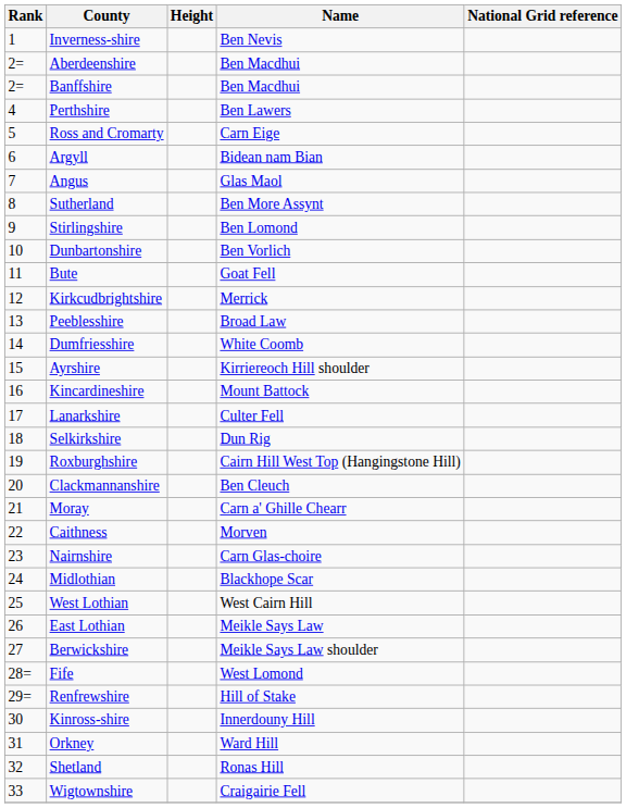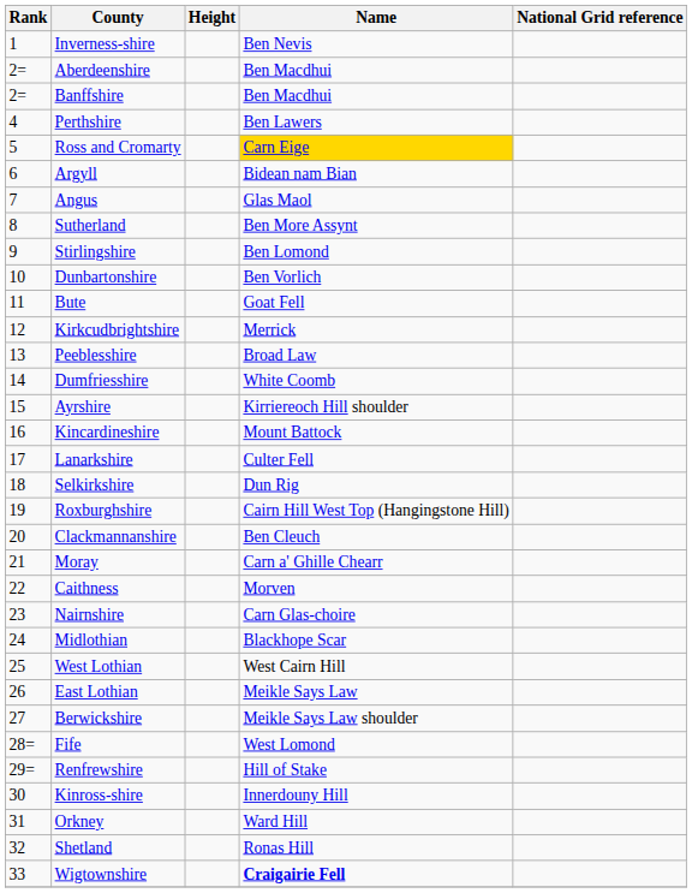 <table class="wikitable sortable">
 <tr>
 <th data-sort-type="number">Rank</th>
 <th>County</th>
 <th data-sort-type="number">Height</th>
 <th>Name</th>
 <th>National Grid reference</th>
 </tr>
 <tr>
 <td>1</td>
 <td><a href='#'>Inverness-shire</a></td>
 <td></td>
 <td><a href='#'>Ben Nevis</a></td>
 <td></td>
 </tr>
 <tr>
 <td>2=</td>
 <td><a href='#'>Aberdeenshire</a></td>
 <td></td>
 <td><a href='#'>Ben Macdhui</a></td>
 <td></td>
 </tr>
 <tr>
 <td>2=</td>
 <td><a href='#'>Banffshire</a></td>
 <td></td>
 <td><a href='#'>Ben Macdhui</a></td>
 <td></td>
 </tr>
 <tr>
 <td>4</td>
 <td><a href='#'>Perthshire</a></td>
 <td></td>
 <td><a href='#'>Ben Lawers</a></td>
 <td></td>
 </tr>
 <tr>
 <td>5</td>
 <td><a href='#'>Ross and Cromarty</a></td>
 <td></td>
-<td><a href='#'>Carn Eige</a></td>
+<td style="background: gold;"><a href='#'>Carn Eige</a></td>
 <td></td>
 </tr>
 <tr>
 <td>6</td>
 <td><a href='#'>Argyll</a></td>
 <td></td>
 <td><a href='#'>Bidean nam Bian</a></td>
 <td></td>
 </tr>
 <tr>
 <td>7</td>
 <td><a href='#'>Angus</a></td>
 <td></td>
 <td><a href='#'>Glas Maol</a></td>
 <td></td>
 </tr>
 <tr>
 <td>8</td>
 <td><a href='#'>Sutherland</a></td>
 <td></td>
 <td><a href='#'>Ben More Assynt</a></td>
 <td></td>
 </tr>
 <tr>
 <td>9</td>
 <td><a href='#'>Stirlingshire</a></td>
 <td></td>
 <td><a href='#'>Ben Lomond</a></td>
 <td></td>
 </tr>
 <tr>
 <td>10</td>
 <td><a href='#'>Dunbartonshire</a></td>
 <td></td>
 <td><a href='#'>Ben Vorlich</a></td>
 <td></td>
 </tr>
 <tr>
 <td>11</td>
 <td><a href='#'>Bute</a></td>
 <td></td>
 <td><a href='#'>Goat Fell</a></td>
 <td></td>
 </tr>
 <tr>
 <td>12</td>
 <td><a href='#'>Kirkcudbrightshire</a></td>
 <td></td>
 <td><a href='#'>Merrick</a></td>
 <td></td>
 </tr>
 <tr>
 <td>13</td>
 <td><a href='#'>Peeblesshire</a></td>
 <td></td>
 <td><a href='#'>Broad Law</a></td>
 <td></td>
 </tr>
 <tr>
 <td>14</td>
 <td><a href='#'>Dumfriesshire</a></td>
 <td></td>
 <td><a href='#'>White Coomb</a></td>
 <td></td>
 </tr>
 <tr>
 <td>15</td>
 <td><a href='#'>Ayrshire</a></td>
 <td></td>
 <td><a href='#'>Kirriereoch Hill</a> shoulder</td>
 <td></td>
 </tr>
 <tr>
 <td>16</td>
 <td><a href='#'>Kincardineshire</a></td>
 <td></td>
 <td><a href='#'>Mount Battock</a></td>
 <td></td>
 </tr>
 <tr>
 <td>17</td>
 <td><a href='#'>Lanarkshire</a></td>
 <td></td>
 <td><a href='#'>Culter Fell</a></td>
 <td></td>
 </tr>
 <tr>
 <td>18</td>
 <td><a href='#'>Selkirkshire</a></td>
 <td></td>
 <td><a href='#'>Dun Rig</a></td>
 <td></td>
 </tr>
 <tr>
 <td>19</td>
 <td><a href='#'>Roxburghshire</a></td>
 <td></td>
 <td><a href='#'>Cairn Hill West Top</a> (Hangingstone Hill)</td>
 <td></td>
 </tr>
 <tr>
 <td>20</td>
 <td><a href='#'>Clackmannanshire</a></td>
 <td></td>
 <td><a href='#'>Ben Cleuch</a></td>
 <td></td>
 </tr>
 <tr>
 <td>21</td>
 <td><a href='#'>Moray</a></td>
 <td></td>
 <td><a href='#'>Carn a' Ghille Chearr</a></td>
 <td></td>
 </tr>
 <tr>
 <td>22</td>
 <td><a href='#'>Caithness</a></td>
 <td></td>
 <td><a href='#'>Morven</a></td>
 <td></td>
 </tr>
 <tr>
 <td>23</td>
 <td><a href='#'>Nairnshire</a></td>
 <td></td>
 <td><a href='#'>Carn Glas-choire</a></td>
 <td></td>
 </tr>
 <tr>
 <td>24</td>
 <td><a href='#'>Midlothian</a></td>
 <td></td>
 <td><a href='#'>Blackhope Scar</a></td>
 <td></td>
 </tr>
 <tr>
 <td>25</td>
 <td><a href='#'>West Lothian</a></td>
 <td></td>
 <td>West Cairn Hill</td>
 <td></td>
 </tr>
 <tr>
 <td>26</td>
 <td><a href='#'>East Lothian</a></td>
 <td></td>
 <td><a href='#'>Meikle Says Law</a></td>
 <td></td>
 </tr>
 <tr>
 <td>27</td>
 <td><a href='#'>Berwickshire</a></td>
 <td></td>
 <td><a href='#'>Meikle Says Law</a> shoulder</td>
 <td></td>
 </tr>
 <tr>
 <td>28=</td>
 <td><a href='#'>Fife</a></td>
 <td></td>
 <td><a href='#'>West Lomond</a></td>
 <td></td>
 </tr>
 <tr>
 <td>29=</td>
 <td><a href='#'>Renfrewshire</a></td>
 <td></td>
 <td><a href='#'>Hill of Stake</a></td>
 <td></td>
 </tr>
 <tr>
 <td>30</td>
 <td><a href='#'>Kinross-shire</a></td>
 <td></td>
 <td><a href='#'>Innerdouny Hill</a></td>
 <td></td>
 </tr>
 <tr>
 <td>31</td>
 <td><a href='#'>Orkney</a></td>
 <td></td>
 <td><a href='#'>Ward Hill</a></td>
 <td></td>
 </tr>
 <tr>
 <td>32</td>
 <td><a href='#'>Shetland</a></td>
 <td></td>
 <td><a href='#'>Ronas Hill</a></td>
 <td></td>
 </tr>
 <tr>
 <td>33</td>
 <td><a href='#'>Wigtownshire</a></td>
 <td></td>
-<td><a href='#'>Craigairie Fell</a></td>
+<td><strong><a href='#'>Craigairie Fell</a></strong></td>
 <td></td>
 </tr>
 <tr>
 </tr>
 </table>
